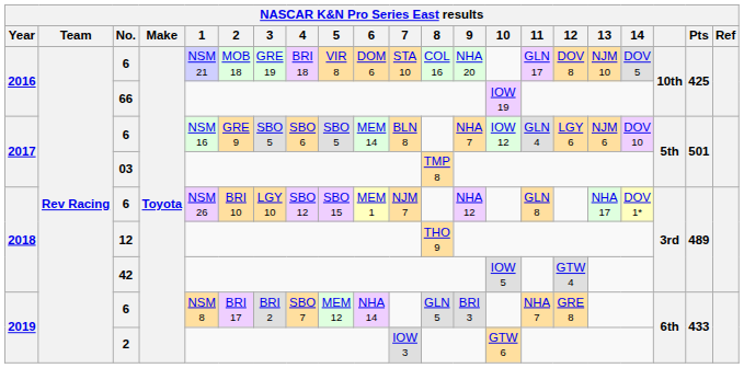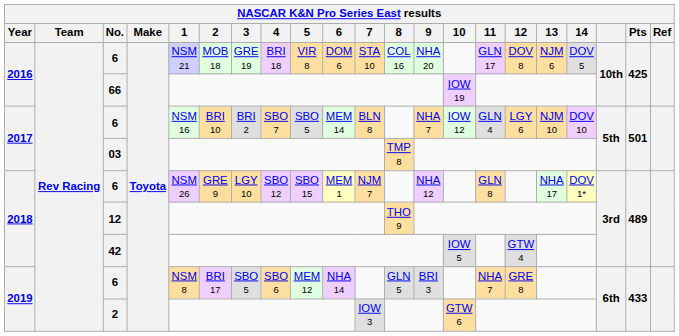 <table class="wikitable" style="text-align:center; font-size:75%">
 <tr>
 <th colspan="21"><a href='#'>NASCAR K&N Pro Series East</a> results</th>
 </tr>
 <tr>
 <th>Year</th>
 <th>Team</th>
 <th>No.</th>
 <th>Make</th>
 <th>1</th>
 <th>2</th>
 <th>3</th>
 <th>4</th>
 <th>5</th>
 <th>6</th>
 <th>7</th>
 <th>8</th>
 <th>9</th>
 <th>10</th>
 <th>11</th>
 <th>12</th>
 <th>13</th>
 <th>14</th>
 <th></th>
 <th>Pts</th>
 <th>Ref</th>
 </tr>
 <tr>
 <th rowspan=2><a href='#'>2016</a></th>
 <th rowspan=9><a href='#'>Rev Racing</a></th>
 <th>6</th>
 <th rowspan=9><a href='#'>Toyota</a></th>
 <td style="background-color:#CFCFFF"><a href='#'>NSM</a><br><small>21</small></td>
 <td style="background-color:#DFFFDF"><a href='#'>MOB</a><br><small>18</small></td>
 <td style="background-color:#DFFFDF"><a href='#'>GRE</a><br><small>19</small></td>
 <td style="background-color:#EFCFFF"><a href='#'>BRI</a><br><small>18</small></td>
 <td style="background-color:#FFDF9F"><a href='#'>VIR</a><br><small>8</small></td>
 <td style="background-color:#FFDF9F"><a href='#'>DOM</a><br><small>6</small></td>
 <td style="background-color:#FFDF9F"><a href='#'>STA</a><br><small>10</small></td>
 <td style="background-color:#DFFFDF"><a href='#'>COL</a><br><small>16</small></td>
 <td style="background-color:#DFFFDF"><a href='#'>NHA</a><br><small>20</small></td>
 <td></td>
 <td style="background-color:#EFCFFF"><a href='#'>GLN</a><br><small>17</small></td>
 <td style="background-color:#FFDF9F"><a href='#'>DOV</a><br><small>8</small></td>
-<td style="background-color:#FFDF9F"><a href='#'>NJM</a><br><small>10</small></td>
+<td style="background-color:#FFDF9F"><a href='#'>NJM</a><br><small>6</small></td>
 <td style="background-color:#DFDFDF"><a href='#'>DOV</a><br><small>5</small></td>
 <th rowspan=2>10th</th>
 <th rowspan=2>425</th>
 <th rowspan=2></th>
 </tr>
 <tr>
 <th>66</th>
 <td colspan=9></td>
 <td style="background-color:#EFCFFF"><a href='#'>IOW</a><br><small>19</small></td>
 <td colspan=4></td>
 </tr>
 <tr>
 <th rowspan=2><a href='#'>2017</a></th>
 <th>6</th>
 <td style="background-color:#DFFFDF"><a href='#'>NSM</a><br><small>16</small></td>
-<td style="background-color:#FFDF9F"><a href='#'>GRE</a><br><small>9</small></td>
-<td style="background-color:#DFDFDF"><a href='#'>SBO</a><br><small>5</small></td>
-<td style="background-color:#FFDF9F"><a href='#'>SBO</a><br><small>6</small></td>
+<td style="background-color:#FFDF9F"><a href='#'>BRI</a><br><small>10</small></td>
+<td style="background-color:#DFDFDF"><a href='#'>BRI</a><br><small>2</small></td>
+<td style="background-color:#FFDF9F"><a href='#'>SBO</a><br><small>7</small></td>
 <td style="background-color:#DFDFDF"><a href='#'>SBO</a><br><small>5</small></td>
 <td style="background-color:#DFFFDF"><a href='#'>MEM</a><br><small>14</small></td>
 <td style="background-color:#FFDF9F"><a href='#'>BLN</a><br><small>8</small></td>
 <td></td>
 <td style="background-color:#FFDF9F"><a href='#'>NHA</a><br><small>7</small></td>
 <td style="background-color:#DFFFDF"><a href='#'>IOW</a><br><small>12</small></td>
 <td style="background-color:#DFDFDF"><a href='#'>GLN</a><br><small>4</small></td>
 <td style="background-color:#FFDF9F"><a href='#'>LGY</a><br><small>6</small></td>
-<td style="background-color:#FFDF9F"><a href='#'>NJM</a><br><small>6</small></td>
+<td style="background-color:#FFDF9F"><a href='#'>NJM</a><br><small>10</small></td>
 <td style="background-color:#EFCFFF"><a href='#'>DOV</a><br><small>10</small></td>
 <th rowspan=2>5th</th>
 <th rowspan=2>501</th>
 <th rowspan=2></th>
 </tr>
 <tr>
 <th>03</th>
 <td colspan=7></td>
 <td style="background-color:#FFDF9F"><a href='#'>TMP</a><br><small>8</small></td>
 <td colspan=6></td>
 </tr>
 <tr>
 <th rowspan=3><a href='#'>2018</a></th>
 <th>6</th>
 <td style="background-color:#EFCFFF"><a href='#'>NSM</a><br><small>26</small></td>
-<td style="background-color:#FFDF9F"><a href='#'>BRI</a><br><small>10</small></td>
+<td style="background-color:#FFDF9F"><a href='#'>GRE</a><br><small>9</small></td>
 <td style="background-color:#FFDF9F"><a href='#'>LGY</a><br><small>10</small></td>
 <td style="background-color:#EFCFFF"><a href='#'>SBO</a><br><small>12</small></td>
 <td style="background-color:#EFCFFF"><a href='#'>SBO</a><br><small>15</small></td>
 <td style="background-color:#FFFFBF"><a href='#'>MEM</a><br><small>1</small></td>
 <td style="background-color:#FFDF9F"><a href='#'>NJM</a><br><small>7</small></td>
 <td></td>
 <td style="background-color:#EFCFFF"><a href='#'>NHA</a><br><small>12</small></td>
 <td></td>
 <td style="background-color:#FFDF9F"><a href='#'>GLN</a><br><small>8</small></td>
 <td></td>
 <td style="background-color:#DFFFDF"><a href='#'>NHA</a><br><small>17</small></td>
 <td style="background-color:#FFFFBF"><a href='#'>DOV</a><br><small>1*</small></td>
 <th rowspan=3>3rd</th>
 <th rowspan=3>489</th>
 <th rowspan=3></th>
 </tr>
 <tr>
 <th>12</th>
 <td colspan=7></td>
 <td style="background-color:#FFDF9F"><a href='#'>THO</a><br><small>9</small></td>
 <td colspan=6></td>
 </tr>
 <tr>
 <th>42</th>
 <td colspan=9></td>
 <td style="background-color:#DFDFDF"><a href='#'>IOW</a><br><small>5</small></td>
 <td></td>
 <td style="background-color:#DFDFDF"><a href='#'>GTW</a><br><small>4</small></td>
 <td colspan=2></td>
 </tr>
 <tr>
 <th rowspan=2><a href='#'>2019</a></th>
 <th>6</th>
 <td style="background-color:#FFDF9F"><a href='#'>NSM</a><br><small>8</small></td>
 <td style="background-color:#EFCFFF"><a href='#'>BRI</a><br><small>17</small></td>
-<td style="background-color:#DFDFDF"><a href='#'>BRI</a><br><small>2</small></td>
-<td style="background-color:#FFDF9F"><a href='#'>SBO</a><br><small>7</small></td>
+<td style="background-color:#DFDFDF"><a href='#'>SBO</a><br><small>5</small></td>
+<td style="background-color:#FFDF9F"><a href='#'>SBO</a><br><small>6</small></td>
 <td style="background-color:#DFFFDF"><a href='#'>MEM</a><br><small>12</small></td>
 <td style="background-color:#EFCFFF"><a href='#'>NHA</a><br><small>14</small></td>
 <td></td>
 <td style="background-color:#DFDFDF"><a href='#'>GLN</a><br><small>5</small></td>
 <td style="background-color:#DFDFDF"><a href='#'>BRI</a><br><small>3</small></td>
 <td></td>
 <td style="background-color:#FFDF9F"><a href='#'>NHA</a><br><small>7</small></td>
 <td style="background-color:#FFDF9F"><a href='#'>GRE</a><br><small>8</small></td>
 <td colspan=2></td>
 <th rowspan=2>6th</th>
 <th rowspan=2>433</th>
 <th rowspan=2></th>
 </tr>
 <tr>
 <th>2</th>
 <td colspan=6></td>
 <td style="background-color:#DFDFDF"><a href='#'>IOW</a><br><small>3</small></td>
 <td colspan=2></td>
 <td style="background-color:#FFDF9F"><a href='#'>GTW</a><br><small>6</small></td>
 <td colspan=4></td>
 </tr>
 </table>
